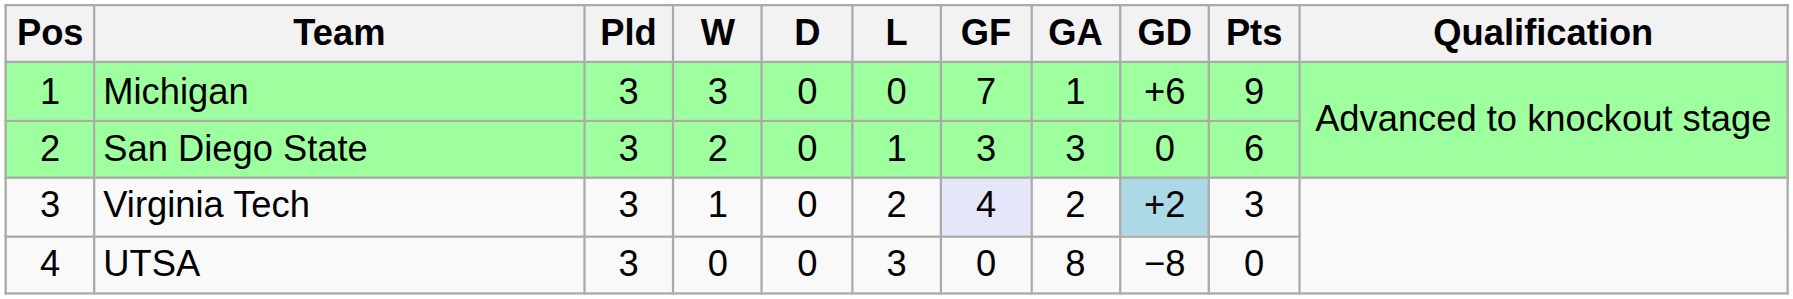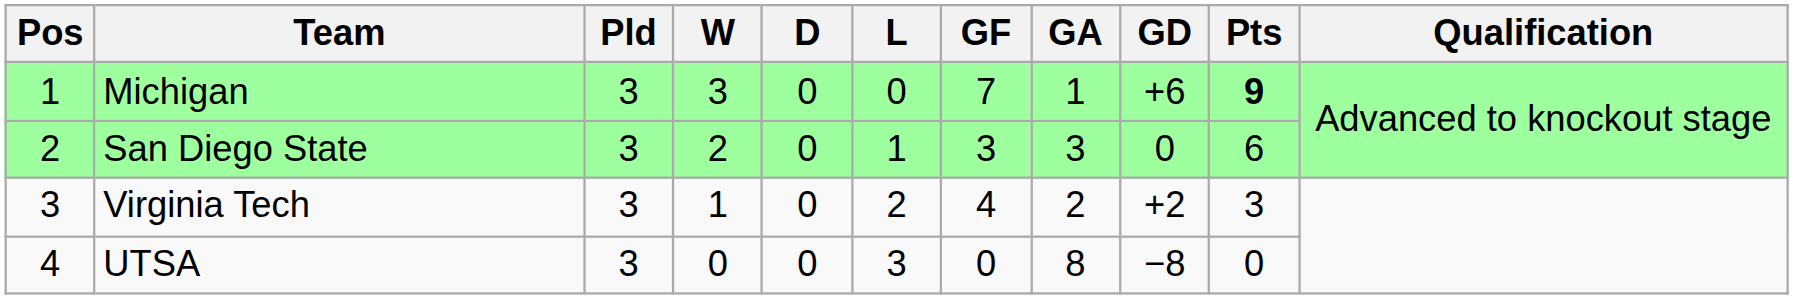 <table class="wikitable" style="text-align:center; margin: 1em auto">
 <tr>
 <th style="width:2em">Pos</th>
 <th style="width:13em">Team</th>
 <th style="width:2em">Pld</th>
 <th style="width:2em">W</th>
 <th style="width:2em">D</th>
 <th style="width:2em">L</th>
 <th style="width:2em">GF</th>
 <th style="width:2em">GA</th>
 <th style="width:2em">GD</th>
 <th style="width:2em">Pts</th>
 <th style="width:13em">Qualification</th>
 </tr>
 <tr bgcolor="#9eff9e">
 <td>1</td>
 <td style="text-align:left">Michigan</td>
 <td>3</td>
 <td>3</td>
 <td>0</td>
 <td>0</td>
 <td>7</td>
 <td>1</td>
 <td>+6</td>
-<td>9</td>
+<td><strong>9</strong></td>
 <td rowspan="2">Advanced to knockout stage</td>
 </tr>
 <tr bgcolor="#9eff9e">
 <td>2</td>
 <td style="text-align:left">San Diego State</td>
 <td>3</td>
 <td>2</td>
 <td>0</td>
 <td>1</td>
 <td>3</td>
 <td>3</td>
 <td>0</td>
 <td>6</td>
 </tr>
 <tr>
 <td>3</td>
 <td style="text-align:left">Virginia Tech</td>
 <td>3</td>
 <td>1</td>
 <td>0</td>
 <td>2</td>
-<td style="background: lavender;">4</td>
+<td>4</td>
 <td>2</td>
-<td style="background: lightblue;">+2</td>
+<td>+2</td>
 <td>3</td>
 </tr>
 <tr>
 <td>4</td>
 <td style="text-align:left">UTSA</td>
 <td>3</td>
 <td>0</td>
 <td>0</td>
 <td>3</td>
 <td>0</td>
 <td>8</td>
 <td>−8</td>
 <td>0</td>
 </tr>
 </table>
